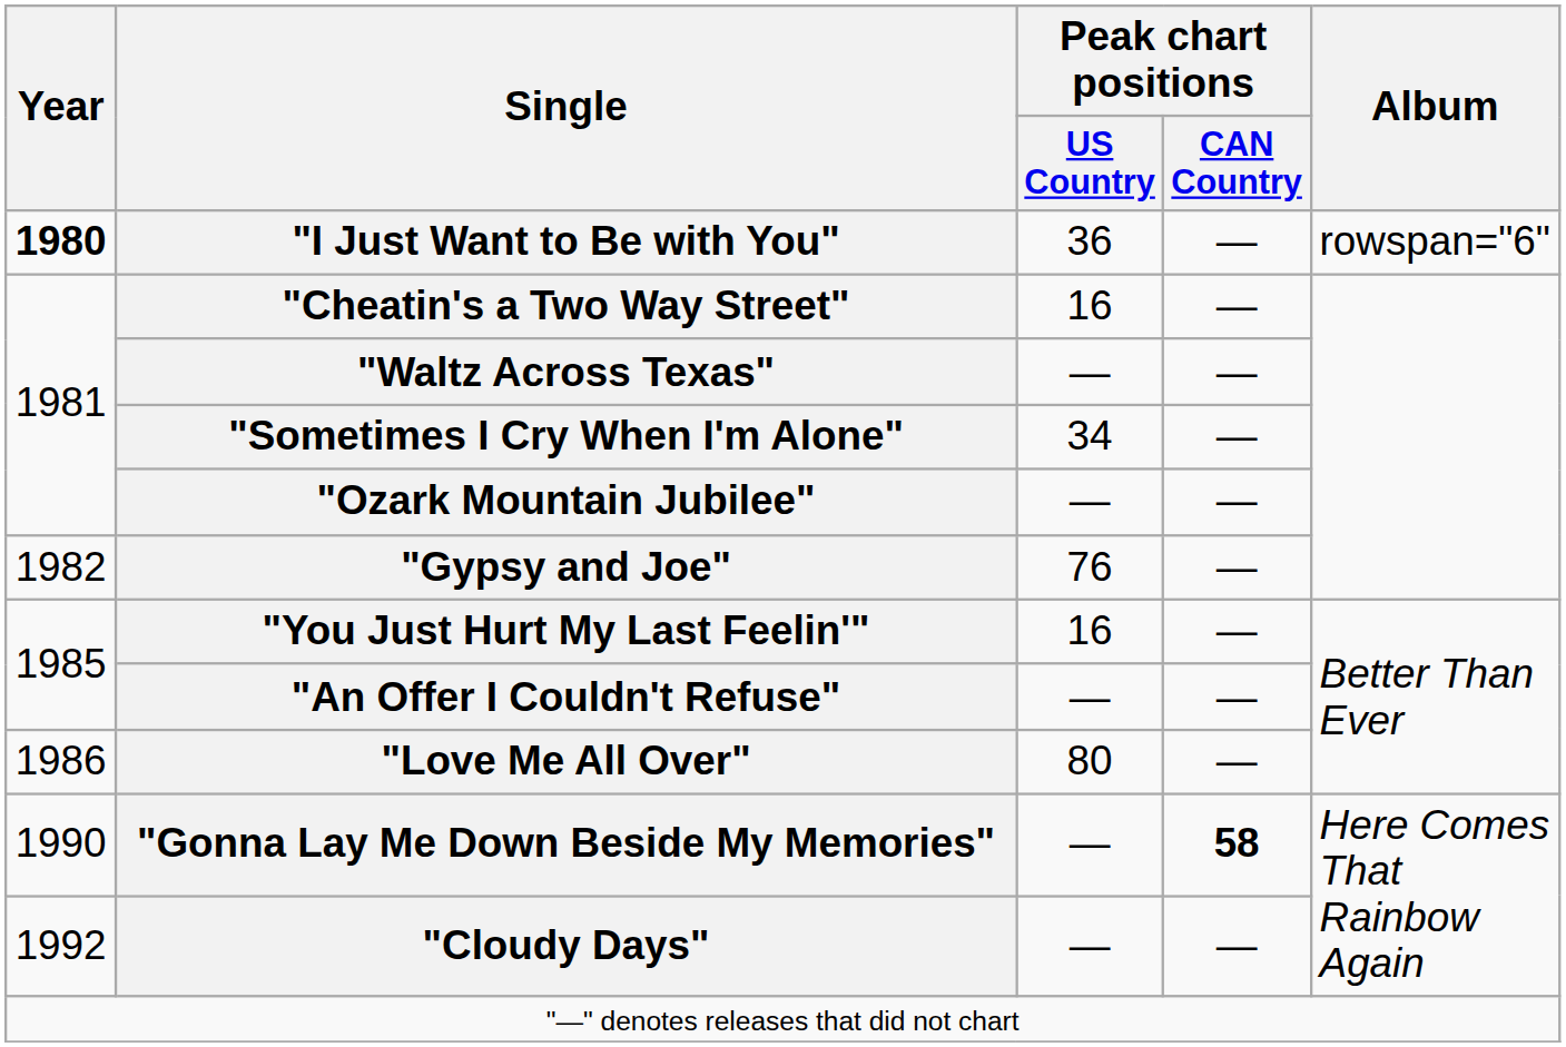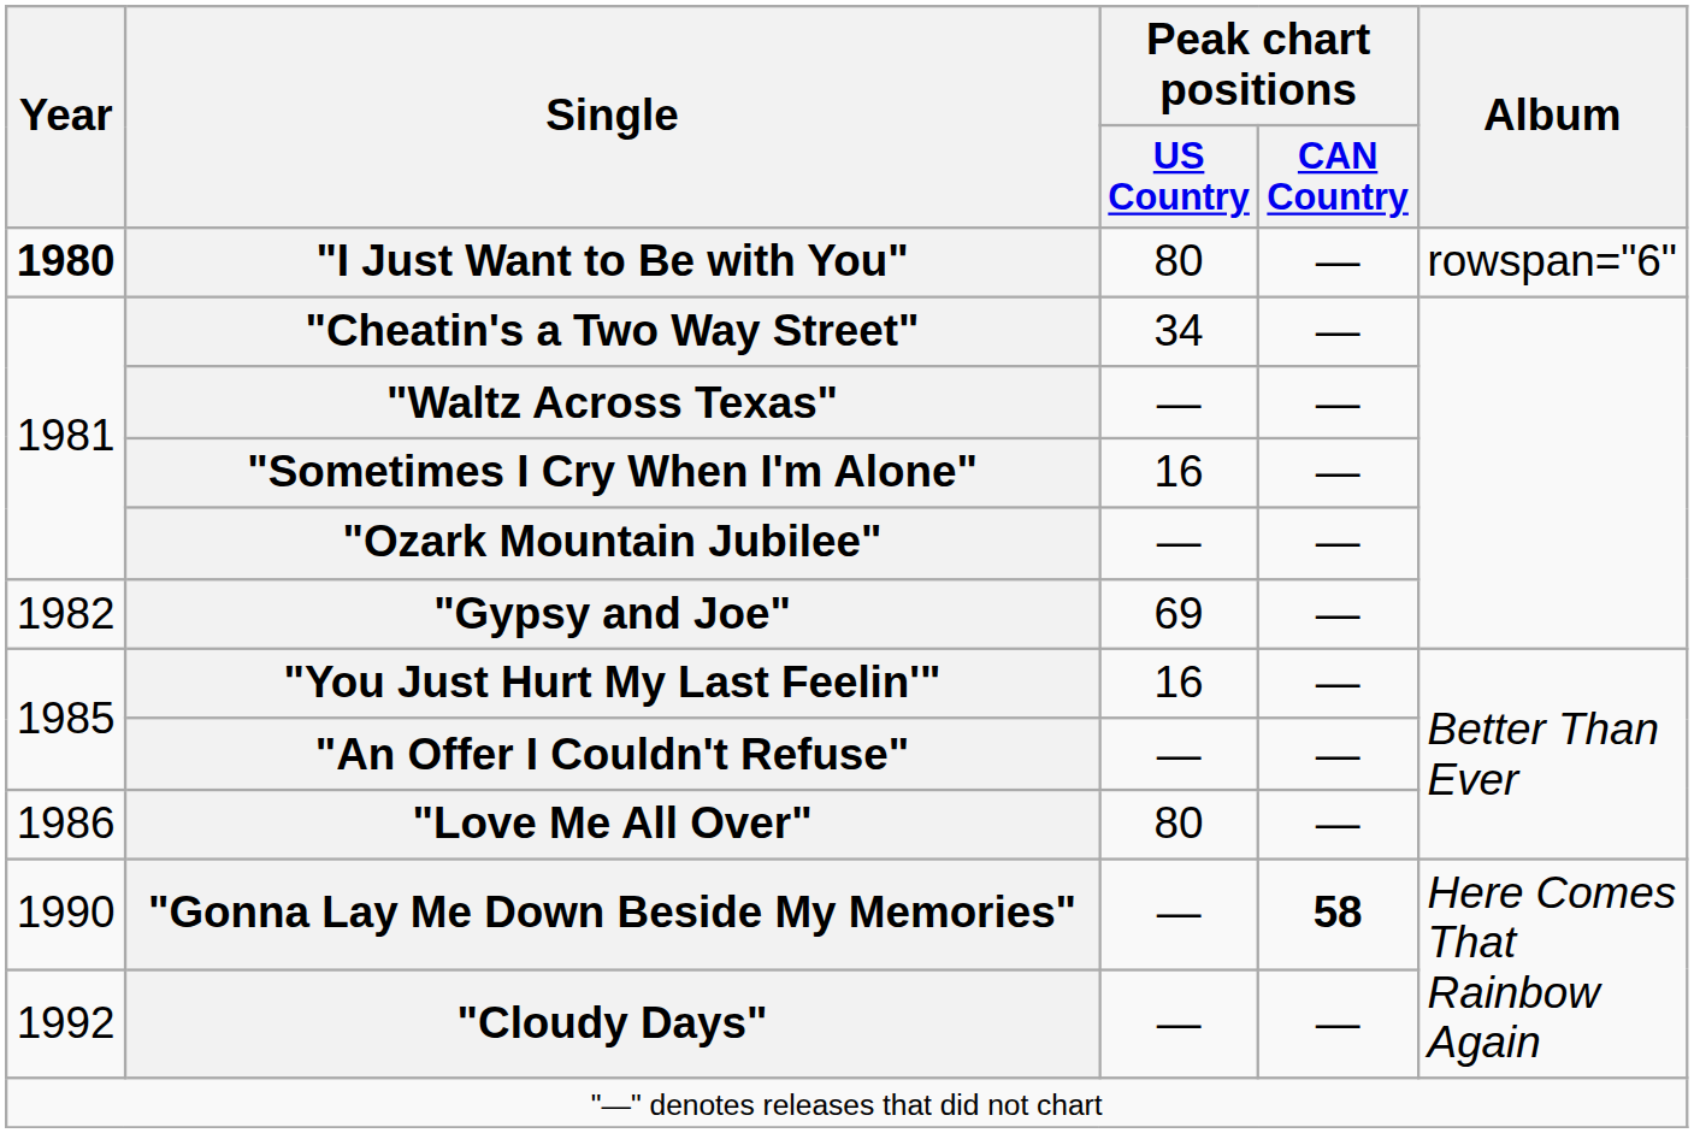 <table class="wikitable plainrowheaders" style="text-align:center;">
 <tr>
 <th rowspan="2">Year</th>
 <th rowspan="2" style="width:24em;">Single</th>
 <th colspan="2">Peak chart<br>positions</th>
 <th rowspan="2">Album</th>
 </tr>
 <tr style="font-size:smaller;">
 <th width="45"><a href='#'>US Country</a><br></th>
 <th width="45"><a href='#'>CAN Country</a><br></th>
 </tr>
 <tr>
 <td><strong>1980</strong></td>
 <th scope="row">"I Just Want to Be with You"</th>
-<td>36</td>
+<td>80</td>
 <td>—</td>
 <td>rowspan="6" </td>
 </tr>
 <tr>
 <td rowspan="4">1981</td>
 <th scope="row">"Cheatin's a Two Way Street"</th>
-<td>16</td>
+<td>34</td>
 <td>—</td>
 </tr>
 <tr>
 <th scope="row">"Waltz Across Texas"</th>
 <td>—</td>
 <td>—</td>
 </tr>
 <tr>
 <th scope="row">"Sometimes I Cry When I'm Alone"</th>
-<td>34</td>
+<td>16</td>
 <td>—</td>
 </tr>
 <tr>
 <th scope="row">"Ozark Mountain Jubilee"</th>
 <td>—</td>
 <td>—</td>
 </tr>
 <tr>
 <td>1982</td>
 <th scope="row">"Gypsy and Joe"</th>
-<td>76</td>
+<td>69</td>
 <td>—</td>
 </tr>
 <tr>
 <td rowspan="2">1985</td>
 <th scope="row">"You Just Hurt My Last Feelin'"</th>
 <td>16</td>
 <td>—</td>
 <td align="left" rowspan="3"><em>Better Than Ever</em></td>
 </tr>
 <tr>
 <th scope="row">"An Offer I Couldn't Refuse"</th>
 <td>—</td>
 <td>—</td>
 </tr>
 <tr>
 <td>1986</td>
 <th scope="row">"Love Me All Over"</th>
 <td>80</td>
 <td>—</td>
 </tr>
 <tr>
 <td>1990</td>
 <th scope="row">"Gonna Lay Me Down Beside My Memories"</th>
 <td>—</td>
 <td><strong>58</strong></td>
 <td align="left" rowspan="2"><em>Here Comes That Rainbow Again</em></td>
 </tr>
 <tr>
 <td>1992</td>
 <th scope="row">"Cloudy Days"</th>
 <td>—</td>
 <td>—</td>
 </tr>
 <tr>
 <td colspan="5" style="font-size: 8pt">"—" denotes releases that did not chart</td>
 </tr>
 <tr>
 </tr>
 </table>
